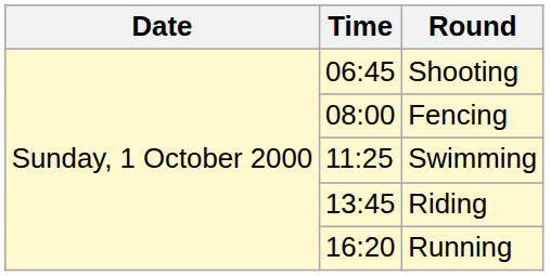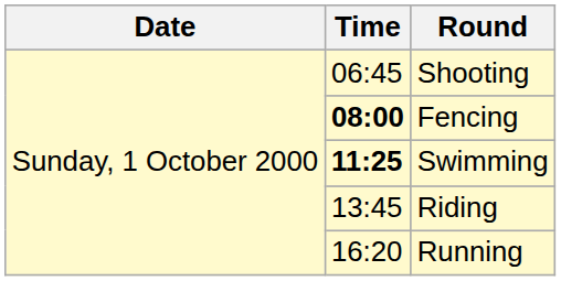 <table class="wikitable">
 <tr>
 <th>Date</th>
 <th>Time</th>
 <th>Round</th>
 </tr>
 <tr style="background:lemonchiffon">
 <td rowspan=5>Sunday, 1 October 2000</td>
 <td>06:45</td>
 <td>Shooting</td>
 </tr>
 <tr style="background:lemonchiffon">
-<td>08:00</td>
+<td><strong>08:00</strong></td>
 <td>Fencing</td>
 </tr>
 <tr style="background:lemonchiffon">
-<td>11:25</td>
+<td><strong>11:25</strong></td>
 <td>Swimming</td>
 </tr>
 <tr style="background:lemonchiffon">
 <td>13:45</td>
 <td>Riding</td>
 </tr>
 <tr style="background:lemonchiffon">
 <td>16:20</td>
 <td>Running</td>
 </tr>
 </table>
